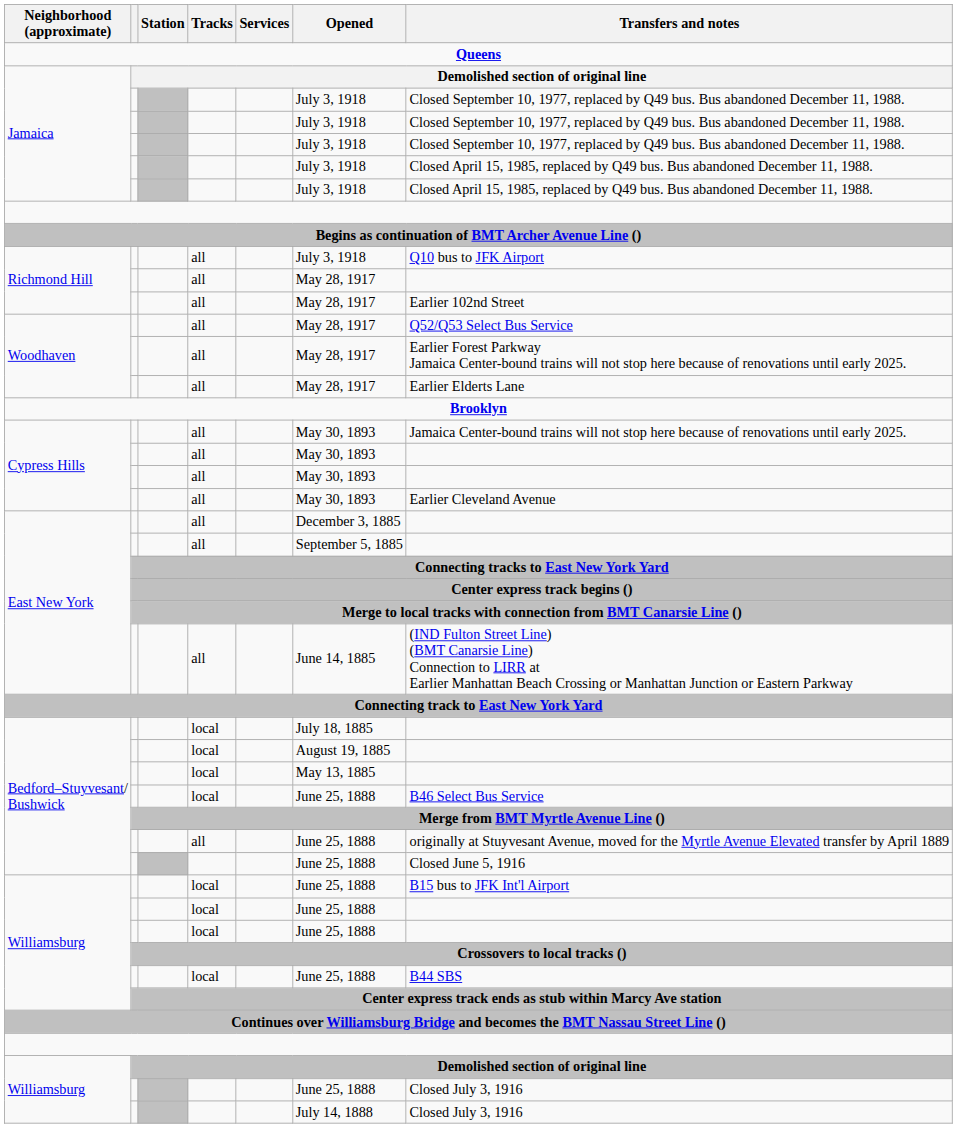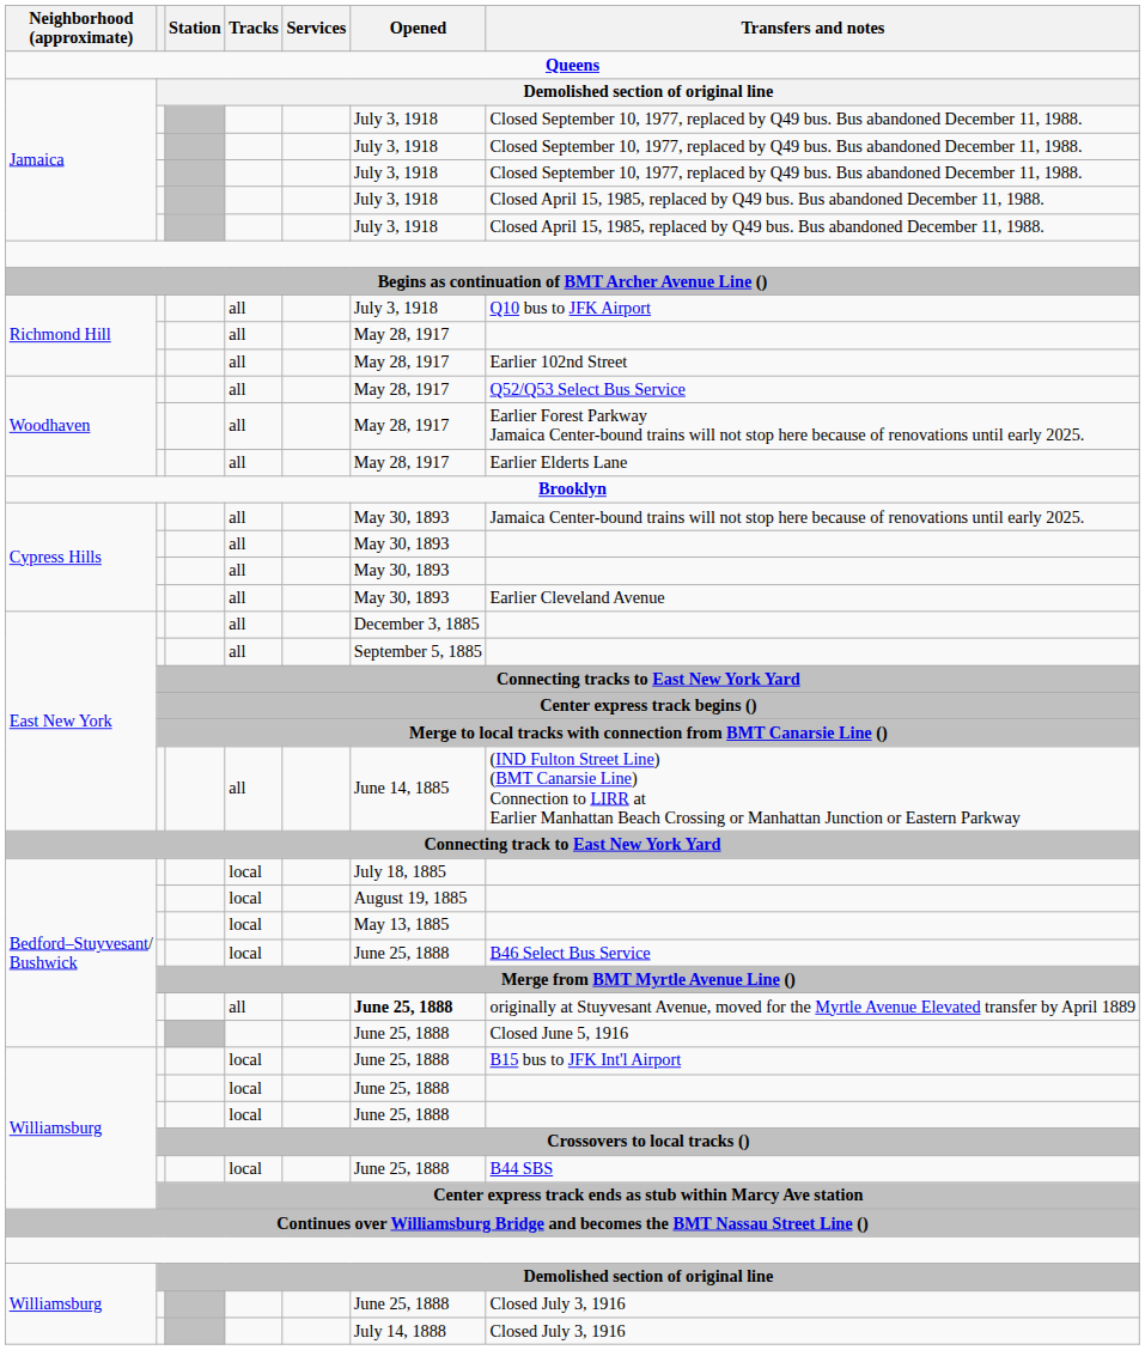 <table class="wikitable">
 <tr>
 <th>Neighborhood<br>(approximate)</th>
 <th></th>
 <th>Station</th>
 <th>Tracks</th>
 <th>Services</th>
 <th>Opened</th>
 <th>Transfers and notes</th>
 </tr>
 <tr>
 <td align=center colspan=7><strong><a href='#'>Queens</a></strong></td>
 </tr>
 <tr>
 <td rowspan=6><a href='#'>Jamaica</a></td>
 <th colspan=6>Demolished section of original line</th>
 </tr>
 <tr>
 <td></td>
 <td style="background-color: silver;"></td>
 <td></td>
 <td></td>
 <td>July 3, 1918</td>
 <td>Closed September 10, 1977, replaced by Q49 bus. Bus abandoned December 11, 1988.</td>
 </tr>
 <tr>
 <td></td>
 <td style="background-color: silver;"></td>
 <td></td>
 <td></td>
 <td>July 3, 1918</td>
 <td>Closed September 10, 1977, replaced by Q49 bus. Bus abandoned December 11, 1988.</td>
 </tr>
 <tr>
 <td></td>
 <td style="background-color: silver;"></td>
 <td></td>
 <td></td>
 <td>July 3, 1918</td>
 <td>Closed September 10, 1977, replaced by Q49 bus. Bus abandoned December 11, 1988.</td>
 </tr>
 <tr>
 <td></td>
 <td style="background-color: silver;"></td>
 <td></td>
 <td></td>
 <td>July 3, 1918</td>
 <td>Closed April 15, 1985, replaced by Q49 bus. Bus abandoned December 11, 1988.</td>
 </tr>
 <tr>
 <td></td>
 <td style="background-color: silver;"></td>
 <td></td>
 <td></td>
 <td>July 3, 1918</td>
 <td>Closed April 15, 1985, replaced by Q49 bus. Bus abandoned December 11, 1988.</td>
 </tr>
 <tr>
 <td colspan=7> </td>
 </tr>
 <tr>
 <th colspan=7 style="background-color: silver;">Begins as continuation of <a href='#'>BMT Archer Avenue Line</a> ()</th>
 </tr>
 <tr>
 <td rowspan=3><a href='#'>Richmond Hill</a></td>
 <td></td>
 <td></td>
 <td>all</td>
 <td></td>
 <td>July 3, 1918</td>
 <td><a href='#'>Q10</a> bus to <a href='#'>JFK Airport</a></td>
 </tr>
 <tr>
 <td></td>
 <td></td>
 <td>all</td>
 <td></td>
 <td>May 28, 1917</td>
 <td></td>
 </tr>
 <tr>
 <td></td>
 <td></td>
 <td>all</td>
 <td></td>
 <td>May 28, 1917</td>
 <td>Earlier 102nd Street</td>
 </tr>
 <tr>
 <td rowspan=3><a href='#'>Woodhaven</a></td>
 <td></td>
 <td></td>
 <td>all</td>
 <td></td>
 <td>May 28, 1917</td>
 <td><a href='#'>Q52/Q53 Select Bus Service</a></td>
 </tr>
 <tr>
 <td></td>
 <td nowrap></td>
 <td>all</td>
 <td></td>
 <td>May 28, 1917</td>
 <td>Earlier Forest Parkway<br>Jamaica Center-bound trains will not stop here because of renovations until early 2025.</td>
 </tr>
 <tr>
 <td></td>
 <td></td>
 <td>all</td>
 <td></td>
 <td>May 28, 1917</td>
 <td>Earlier Elderts Lane</td>
 </tr>
 <tr>
 <td align=center colspan=7><strong><a href='#'>Brooklyn</a></strong></td>
 </tr>
 <tr>
 <td rowspan=4><a href='#'>Cypress Hills</a></td>
 <td></td>
 <td></td>
 <td>all</td>
 <td></td>
 <td>May 30, 1893</td>
 <td>Jamaica Center-bound trains will not stop here because of renovations until early 2025.</td>
 </tr>
 <tr>
 <td></td>
 <td></td>
 <td>all</td>
 <td></td>
 <td>May 30, 1893</td>
 <td></td>
 </tr>
 <tr>
 <td></td>
 <td></td>
 <td>all</td>
 <td></td>
 <td>May 30, 1893</td>
 <td></td>
 </tr>
 <tr>
 <td></td>
 <td></td>
 <td>all</td>
 <td></td>
 <td>May 30, 1893</td>
 <td>Earlier Cleveland Avenue</td>
 </tr>
 <tr>
 <td rowspan=6><a href='#'>East New York</a></td>
 <td></td>
 <td></td>
 <td>all</td>
 <td></td>
 <td>December 3, 1885</td>
 <td></td>
 </tr>
 <tr>
 <td></td>
 <td></td>
 <td>all</td>
 <td></td>
 <td>September 5, 1885<br></td>
 <td></td>
 </tr>
 <tr>
 <th colspan=6 style="background-color: silver;">Connecting tracks to <a href='#'>East New York Yard</a></th>
 </tr>
 <tr>
 <th colspan=6 style="background-color: silver;">Center express track begins ()</th>
 </tr>
 <tr>
 <th colspan=6 style="background-color: silver;">Merge to local tracks with connection from <a href='#'>BMT Canarsie Line</a> ()</th>
 </tr>
 <tr>
 <td></td>
 <td></td>
 <td>all</td>
 <td></td>
 <td>June 14, 1885<br></td>
 <td> (<a href='#'>IND Fulton Street Line</a>)<br> (<a href='#'>BMT Canarsie Line</a>)<br>Connection to <a href='#'>LIRR</a> at <br>Earlier Manhattan Beach Crossing or Manhattan Junction or Eastern Parkway</td>
 </tr>
 <tr>
 <th colspan=7 style="background-color: silver;">Connecting track to <a href='#'>East New York Yard</a></th>
 </tr>
 <tr>
 <td rowspan=7><a href='#'>Bedford–Stuyvesant</a>/<br><a href='#'>Bushwick</a></td>
 <td></td>
 <td></td>
 <td>local</td>
 <td></td>
 <td>July 18, 1885</td>
 <td></td>
 </tr>
 <tr>
 <td></td>
 <td></td>
 <td>local</td>
 <td></td>
 <td>August 19, 1885</td>
 <td></td>
 </tr>
 <tr>
 <td></td>
 <td></td>
 <td>local</td>
 <td></td>
 <td>May 13, 1885</td>
 <td></td>
 </tr>
 <tr>
 <td></td>
 <td></td>
 <td>local</td>
 <td></td>
 <td>June 25, 1888</td>
 <td><a href='#'>B46 Select Bus Service</a></td>
 </tr>
 <tr>
 <th colspan=6 style="background-color: silver;">Merge from <a href='#'>BMT Myrtle Avenue Line</a> ()</th>
 </tr>
 <tr>
 <td></td>
 <td></td>
 <td>all</td>
 <td nowrap></td>
-<td>June 25, 1888</td>
+<td><strong>June 25, 1888</strong></td>
 <td>originally at Stuyvesant Avenue, moved for the <a href='#'>Myrtle Avenue Elevated</a> transfer by April 1889</td>
 </tr>
 <tr>
 <td></td>
 <td style="background-color: silver;"></td>
 <td></td>
 <td></td>
 <td>June 25, 1888</td>
 <td>Closed June 5, 1916</td>
 </tr>
 <tr>
 <td rowspan=6><a href='#'>Williamsburg</a></td>
 <td></td>
 <td></td>
 <td>local</td>
 <td></td>
 <td>June 25, 1888</td>
 <td><a href='#'>B15</a> bus to <a href='#'>JFK Int'l Airport</a></td>
 </tr>
 <tr>
 <td></td>
 <td></td>
 <td>local</td>
 <td></td>
 <td>June 25, 1888</td>
 <td></td>
 </tr>
 <tr>
 <td></td>
 <td></td>
 <td>local</td>
 <td></td>
 <td>June 25, 1888</td>
 <td></td>
 </tr>
 <tr>
 <th colspan=6 style="background-color: silver;">Crossovers to local tracks ()</th>
 </tr>
 <tr>
 <td></td>
 <td></td>
 <td>local</td>
 <td></td>
 <td>June 25, 1888</td>
 <td><a href='#'>B44 SBS</a></td>
 </tr>
 <tr>
 <th colspan=6 style="background-color: silver;">Center express track ends as stub within Marcy Ave station</th>
 </tr>
 <tr>
 <th colspan=7 style="background-color: silver;">Continues over <a href='#'>Williamsburg Bridge</a> and becomes the <a href='#'>BMT Nassau Street Line</a> ()</th>
 </tr>
 <tr>
 <td colspan=7> </td>
 </tr>
 <tr>
 <td rowspan=3><a href='#'>Williamsburg</a></td>
 <th colspan=6 style="background-color: silver;">Demolished section of original line</th>
 </tr>
 <tr>
 <td></td>
 <td style="background-color: silver;"></td>
 <td></td>
 <td></td>
 <td>June 25, 1888</td>
 <td>Closed July 3, 1916</td>
 </tr>
 <tr>
 <td></td>
 <td style="background-color: silver;"></td>
 <td></td>
 <td></td>
 <td>July 14, 1888</td>
 <td>Closed July 3, 1916</td>
 </tr>
 </table>
